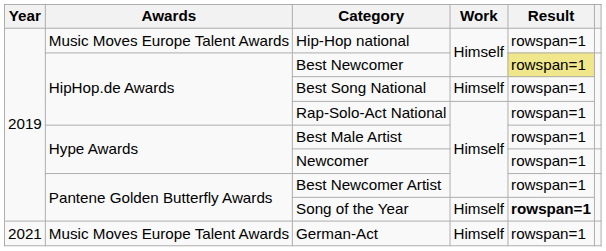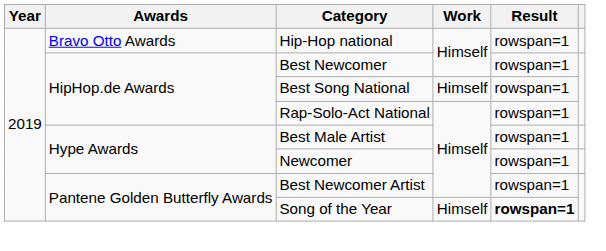 <table class="wikitable">
 <tr>
 <th>Year</th>
 <th>Awards</th>
 <th>Category</th>
 <th>Work</th>
 <th>Result</th>
 <th></th>
 </tr>
 <tr>
 <td rowspan="8">2019</td>
-<td>Music Moves Europe Talent Awards</td>
+<td><a href='#'>Bravo Otto</a> Awards</td>
 <td>Hip-Hop national</td>
 <td rowspan="2">Himself</td>
 <td>rowspan=1 </td>
 <td></td>
 </tr>
 <tr>
 <td rowspan="3">HipHop.de Awards</td>
 <td>Best Newcomer</td>
-<td style="background: khaki;">rowspan=1 </td>
+<td>rowspan=1 </td>
 <td rowspan="3"></td>
 </tr>
 <tr>
 <td>Best Song National</td>
 <td>Himself</td>
 <td>rowspan=1 </td>
 </tr>
 <tr>
 <td>Rap-Solo-Act National</td>
 <td rowspan="4">Himself</td>
 <td>rowspan=1 </td>
 </tr>
 <tr>
 <td rowspan="2">Hype Awards</td>
 <td>Best Male Artist</td>
 <td>rowspan=1 </td>
 <td></td>
 </tr>
 <tr>
 <td>Newcomer</td>
 <td>rowspan=1 </td>
 <td></td>
 </tr>
 <tr>
 <td rowspan="2">Pantene Golden Butterfly Awards</td>
 <td>Best Newcomer Artist</td>
 <td>rowspan=1 </td>
 <td rowspan="2"></td>
 </tr>
 <tr>
 <td>Song of the Year</td>
 <td>Himself</td>
 <td><strong>rowspan=1 </strong></td>
 </tr>
-<tr>
-<td>2021</td>
-<td>Music Moves Europe Talent Awards</td>
-<td>German-Act</td>
-<td>Himself</td>
-<td>rowspan=1 </td>
-<td></td>
-</tr>
 </table>
